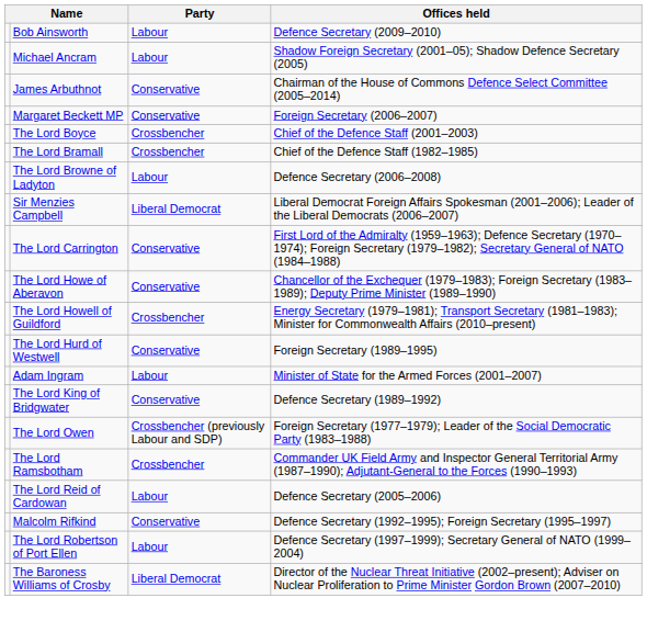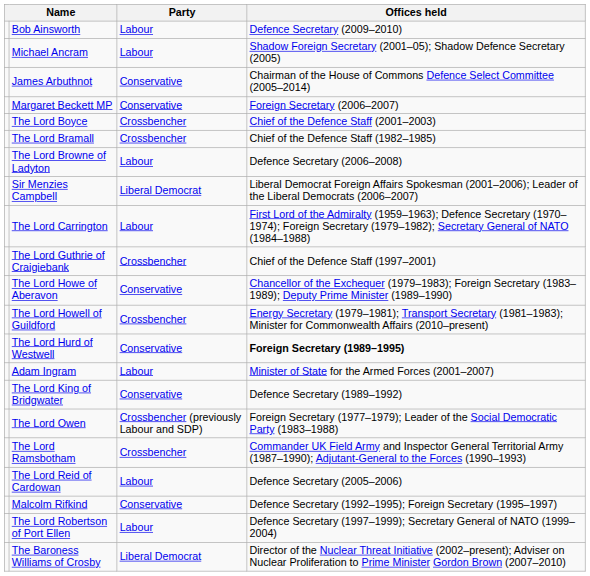 <table class="wikitable">
 <tr>
 <th colspan="2">Name</th>
 <th>Party</th>
 <th>Offices held</th>
 </tr>
 <tr>
 <td style="background-color: "></td>
 <td><a href='#'>Bob Ainsworth</a></td>
 <td><a href='#'>Labour</a></td>
 <td><a href='#'>Defence Secretary</a> (2009–2010)</td>
 </tr>
 <tr>
 <td style="background-color: "></td>
 <td><a href='#'>Michael Ancram</a></td>
 <td><a href='#'>Labour</a></td>
 <td><a href='#'>Shadow Foreign Secretary</a> (2001–05); Shadow Defence Secretary (2005)</td>
 </tr>
 <tr>
 <td style="background-color: "></td>
 <td><a href='#'>James Arbuthnot</a></td>
 <td><a href='#'>Conservative</a></td>
 <td>Chairman of the House of Commons <a href='#'>Defence Select Committee</a> (2005–2014)</td>
 </tr>
 <tr>
 <td style="background-color: "></td>
 <td><a href='#'>Margaret Beckett MP</a></td>
 <td><a href='#'>Conservative</a></td>
 <td><a href='#'>Foreign Secretary</a> (2006–2007)</td>
 </tr>
 <tr>
 <td style="background-color: "></td>
 <td><a href='#'>The Lord Boyce</a></td>
 <td><a href='#'>Crossbencher</a></td>
 <td><a href='#'>Chief of the Defence Staff</a> (2001–2003)</td>
 </tr>
 <tr>
 <td style="background-color: "></td>
 <td><a href='#'>The Lord Bramall</a></td>
 <td><a href='#'>Crossbencher</a></td>
 <td>Chief of the Defence Staff (1982–1985)</td>
 </tr>
 <tr>
 <td style="background-color: "></td>
 <td><a href='#'>The Lord Browne of Ladyton</a></td>
 <td><a href='#'>Labour</a></td>
 <td>Defence Secretary (2006–2008)</td>
 </tr>
 <tr>
 <td style="background-color: "></td>
 <td><a href='#'>Sir Menzies Campbell</a></td>
 <td><a href='#'>Liberal Democrat</a></td>
 <td>Liberal Democrat Foreign Affairs Spokesman (2001–2006); Leader of the Liberal Democrats (2006–2007)</td>
 </tr>
 <tr>
 <td style="background-color: "></td>
 <td><a href='#'>The Lord Carrington</a></td>
-<td><a href='#'>Conservative</a></td>
+<td><a href='#'>Labour</a></td>
 <td><a href='#'>First Lord of the Admiralty</a> (1959–1963); Defence Secretary (1970–1974); Foreign Secretary (1979–1982); <a href='#'>Secretary General of NATO</a> (1984–1988)</td>
+</tr>
+<tr>
+<td style="background-color: "></td>
+<td><a href='#'>The Lord Guthrie of Craigiebank</a></td>
+<td><a href='#'>Crossbencher</a></td>
+<td>Chief of the Defence Staff (1997–2001)</td>
 </tr>
 <tr>
 <td style="background-color: "></td>
 <td><a href='#'>The Lord Howe of Aberavon</a></td>
 <td><a href='#'>Conservative</a></td>
 <td><a href='#'>Chancellor of the Exchequer</a> (1979–1983); Foreign Secretary (1983–1989); <a href='#'>Deputy Prime Minister</a> (1989–1990)</td>
 </tr>
 <tr>
 <td style="background-color: "></td>
 <td><a href='#'>The Lord Howell of Guildford</a></td>
 <td><a href='#'>Crossbencher</a></td>
 <td><a href='#'>Energy Secretary</a> (1979–1981); <a href='#'>Transport Secretary</a> (1981–1983); Minister for Commonwealth Affairs (2010–present)</td>
 </tr>
 <tr>
 <td style="background-color: "></td>
 <td><a href='#'>The Lord Hurd of Westwell</a></td>
 <td><a href='#'>Conservative</a></td>
-<td>Foreign Secretary (1989–1995)</td>
+<td><strong>Foreign Secretary (1989–1995)</strong></td>
 </tr>
 <tr>
 <td style="background-color: "></td>
 <td><a href='#'>Adam Ingram</a></td>
 <td><a href='#'>Labour</a></td>
 <td><a href='#'>Minister of State</a> for the Armed Forces (2001–2007)</td>
 </tr>
 <tr>
 <td style="background-color: "></td>
 <td><a href='#'>The Lord King of Bridgwater</a></td>
 <td><a href='#'>Conservative</a></td>
 <td>Defence Secretary (1989–1992)</td>
 </tr>
 <tr>
 <td style="background-color: "></td>
 <td><a href='#'>The Lord Owen</a></td>
 <td><a href='#'>Crossbencher</a> (previously Labour and SDP)</td>
 <td>Foreign Secretary (1977–1979); Leader of the <a href='#'>Social Democratic Party</a> (1983–1988)</td>
 </tr>
 <tr>
 <td style="background-color: "></td>
 <td><a href='#'>The Lord Ramsbotham</a></td>
 <td><a href='#'>Crossbencher</a></td>
 <td><a href='#'>Commander UK Field Army</a> and Inspector General Territorial Army (1987–1990); <a href='#'>Adjutant-General to the Forces</a> (1990–1993)</td>
 </tr>
 <tr>
 <td style="background-color: "></td>
 <td><a href='#'>The Lord Reid of Cardowan</a></td>
 <td><a href='#'>Labour</a></td>
 <td>Defence Secretary (2005–2006)</td>
 </tr>
 <tr>
 <td style="background-color: "></td>
 <td><a href='#'>Malcolm Rifkind</a></td>
 <td><a href='#'>Conservative</a></td>
 <td>Defence Secretary (1992–1995); Foreign Secretary (1995–1997)</td>
 </tr>
 <tr>
 <td style="background-color: "></td>
 <td><a href='#'>The Lord Robertson of Port Ellen</a></td>
 <td><a href='#'>Labour</a></td>
 <td>Defence Secretary (1997–1999); Secretary General of NATO (1999–2004)</td>
 </tr>
 <tr>
 <td style="background-color: "></td>
 <td><a href='#'>The Baroness Williams of Crosby</a></td>
 <td><a href='#'>Liberal Democrat</a></td>
 <td>Director of the <a href='#'>Nuclear Threat Initiative</a> (2002–present); Adviser on Nuclear Proliferation to <a href='#'>Prime Minister</a> <a href='#'>Gordon Brown</a> (2007–2010)</td>
 </tr>
 </table>
